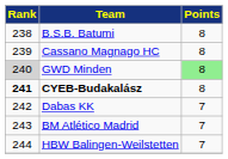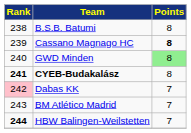 <table class="wikitable" style="text-align: center">
 <tr>
 <th style="color:yellow; background:#15317E">Rank</th>
 <th style="color:yellow; background:#15317E">Team</th>
 <th style="color:yellow; background:#15317E">Points</th>
 </tr>
 <tr>
 <td>238</td>
 <td align=left> <a href='#'>B.S.B. Batumi</a></td>
 <td>8</td>
 </tr>
 <tr>
 <td>239</td>
 <td align=left> <a href='#'>Cassano Magnago HC</a></td>
-<td>8</td>
+<td><strong>8</strong></td>
 </tr>
 <tr>
-<td style="background: lightgrey;">240</td>
+<td>240</td>
 <td align=left> <a href='#'>GWD Minden</a></td>
 <td style="background: lightgreen;">8</td>
 </tr>
 <tr>
 <td><strong>241</strong></td>
 <td align=left> <strong>CYEB-Budakalász</strong></td>
 <td>8</td>
 </tr>
 <tr>
-<td>242</td>
+<td style="background: pink;">242</td>
 <td align=left> <a href='#'>Dabas KK</a></td>
 <td>7</td>
 </tr>
 <tr>
 <td>243</td>
 <td align=left> <a href='#'>BM Atlético Madrid</a></td>
 <td>7</td>
 </tr>
 <tr>
-<td>244</td>
+<td><strong>244</strong></td>
 <td align=left> <a href='#'>HBW Balingen-Weilstetten</a></td>
 <td>7</td>
 </tr>
 <tr>
 </tr>
 </table>
